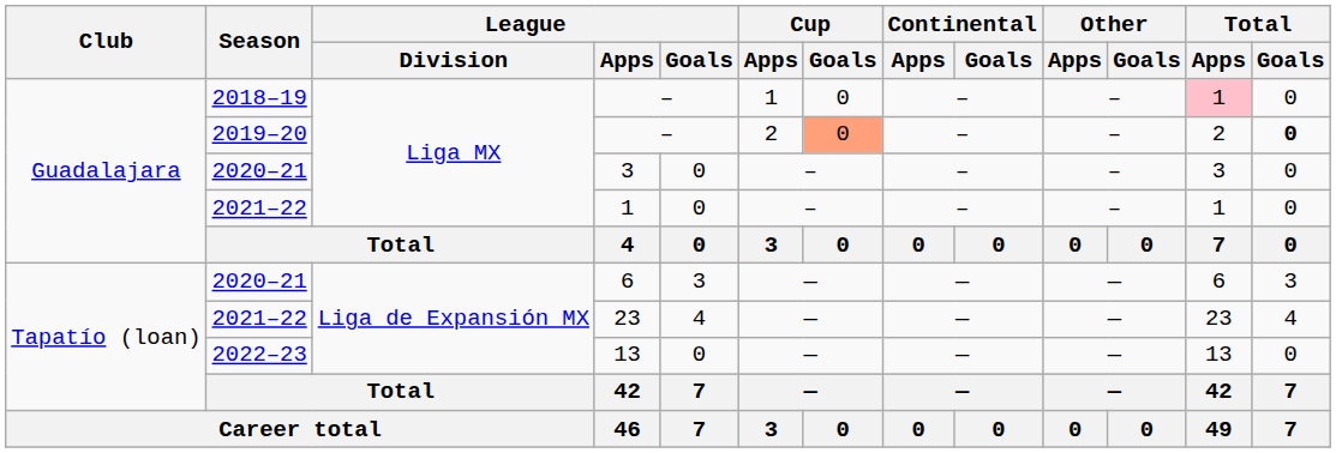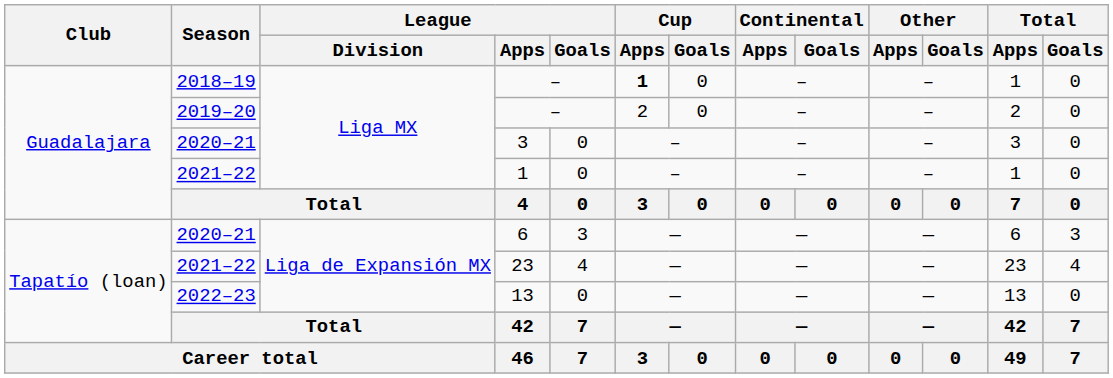 <table class="wikitable" style="text-align: center">
 <tr>
 <th rowspan="2">Club</th>
 <th rowspan="2">Season</th>
 <th colspan="3">League</th>
 <th colspan="2">Cup</th>
 <th colspan="2">Continental</th>
 <th colspan="2">Other</th>
 <th colspan="2">Total</th>
 </tr>
 <tr>
 <th>Division</th>
 <th>Apps</th>
 <th>Goals</th>
 <th>Apps</th>
 <th>Goals</th>
 <th>Apps</th>
 <th>Goals</th>
 <th>Apps</th>
 <th>Goals</th>
 <th>Apps</th>
 <th>Goals</th>
 </tr>
 <tr>
 <td rowspan="5"><a href='#'>Guadalajara</a></td>
 <td><a href='#'>2018–19</a></td>
 <td rowspan="4"><a href='#'>Liga MX</a></td>
 <td colspan=2>–</td>
-<td>1</td>
+<td><strong>1</strong></td>
 <td>0</td>
 <td colspan="2">–</td>
 <td colspan=2>–</td>
-<td style="background: pink;">1</td>
+<td>1</td>
 <td>0</td>
 </tr>
 <tr>
 <td><a href='#'>2019–20</a></td>
 <td colspan=2>–</td>
 <td>2</td>
-<td style="background: lightsalmon;">0</td>
+<td>0</td>
 <td colspan=2>–</td>
 <td colspan=2>–</td>
 <td>2</td>
-<td><strong>0</strong></td>
+<td>0</td>
 </tr>
 <tr>
 <td><a href='#'>2020–21</a></td>
 <td>3</td>
 <td>0</td>
 <td colspan=2>–</td>
 <td colspan=2>–</td>
 <td colspan=2>–</td>
 <td>3</td>
 <td>0</td>
 </tr>
 <tr>
 <td><a href='#'>2021–22</a></td>
 <td>1</td>
 <td>0</td>
 <td colspan=2>–</td>
 <td colspan=2>–</td>
 <td colspan=2>–</td>
 <td>1</td>
 <td>0</td>
 </tr>
 <tr>
 <th colspan="2">Total</th>
 <th>4</th>
 <th>0</th>
 <th>3</th>
 <th>0</th>
 <th>0</th>
 <th>0</th>
 <th>0</th>
 <th>0</th>
 <th>7</th>
 <th>0</th>
 </tr>
 <tr>
 <td rowspan="4"><a href='#'>Tapatío</a> (loan)</td>
 <td><a href='#'>2020–21</a></td>
 <td rowspan="3"><a href='#'>Liga de Expansión MX</a></td>
 <td>6</td>
 <td>3</td>
 <td colspan=2>—</td>
 <td colspan=2>—</td>
 <td colspan=2>—</td>
 <td>6</td>
 <td>3</td>
 </tr>
 <tr>
 <td><a href='#'>2021–22</a></td>
 <td>23</td>
 <td>4</td>
 <td colspan=2>—</td>
 <td colspan=2>—</td>
 <td colspan="2">—</td>
 <td>23</td>
 <td>4</td>
 </tr>
 <tr>
 <td><a href='#'>2022–23</a></td>
 <td>13</td>
 <td>0</td>
 <td colspan=2>—</td>
 <td colspan=2>—</td>
 <td colspan="2">—</td>
 <td>13</td>
 <td>0</td>
 </tr>
 <tr>
 <th colspan="2">Total</th>
 <th>42</th>
 <th>7</th>
 <th colspan="2">—</th>
 <th colspan="2">—</th>
 <th colspan="2">—</th>
 <th>42</th>
 <th>7</th>
 </tr>
 <tr>
 <th colspan="3">Career total</th>
 <th>46</th>
 <th>7</th>
 <th>3</th>
 <th>0</th>
 <th>0</th>
 <th>0</th>
 <th>0</th>
 <th>0</th>
 <th>49</th>
 <th>7</th>
 </tr>
 </table>
